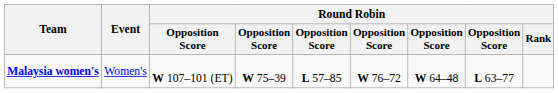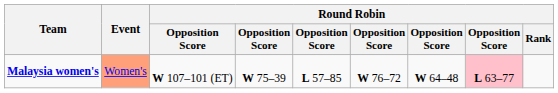 <table class="wikitable" style="font-size:90%">
 <tr>
 <th rowspan=2>Team</th>
 <th rowspan=2>Event</th>
 <th colspan=7>Round Robin</th>
 </tr>
 <tr style="font-size:95%">
 <th>Opposition<br>Score</th>
 <th>Opposition<br>Score</th>
 <th>Opposition<br>Score</th>
 <th>Opposition<br>Score</th>
 <th>Opposition<br>Score</th>
 <th>Opposition<br>Score</th>
 <th>Rank</th>
 </tr>
 <tr align=center>
 <td align=left><strong><a href='#'>Malaysia women's</a></strong></td>
-<td align=left><a href='#'>Women's</a></td>
+<td align=left style="background: lightsalmon;"><a href='#'>Women's</a></td>
 <td align=center><br> <strong>W</strong> 107–101 (ET)</td>
 <td align=center><br> <strong>W</strong> 75–39</td>
 <td align=center><br><strong>L</strong> 57–85</td>
 <td align=center><br>  <strong>W</strong> 76–72</td>
 <td align=center><br> <strong> W</strong> 64–48</td>
-<td align=center><br> <strong>L</strong> 63–77</td>
+<td align=center style="background: pink;"><br> <strong>L</strong> 63–77</td>
 <td></td>
 </tr>
 </table>
